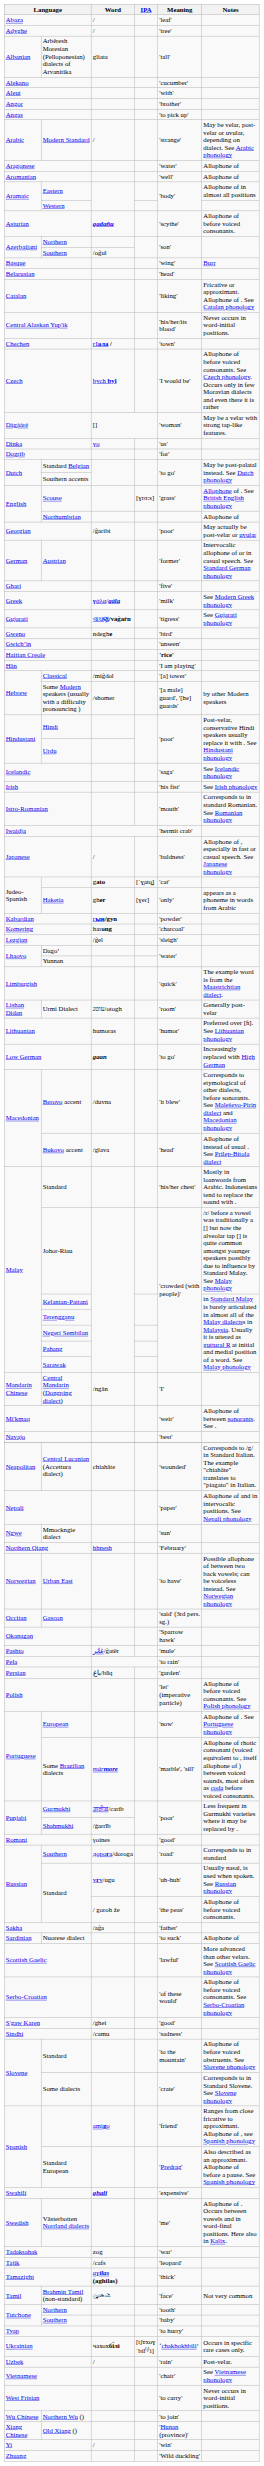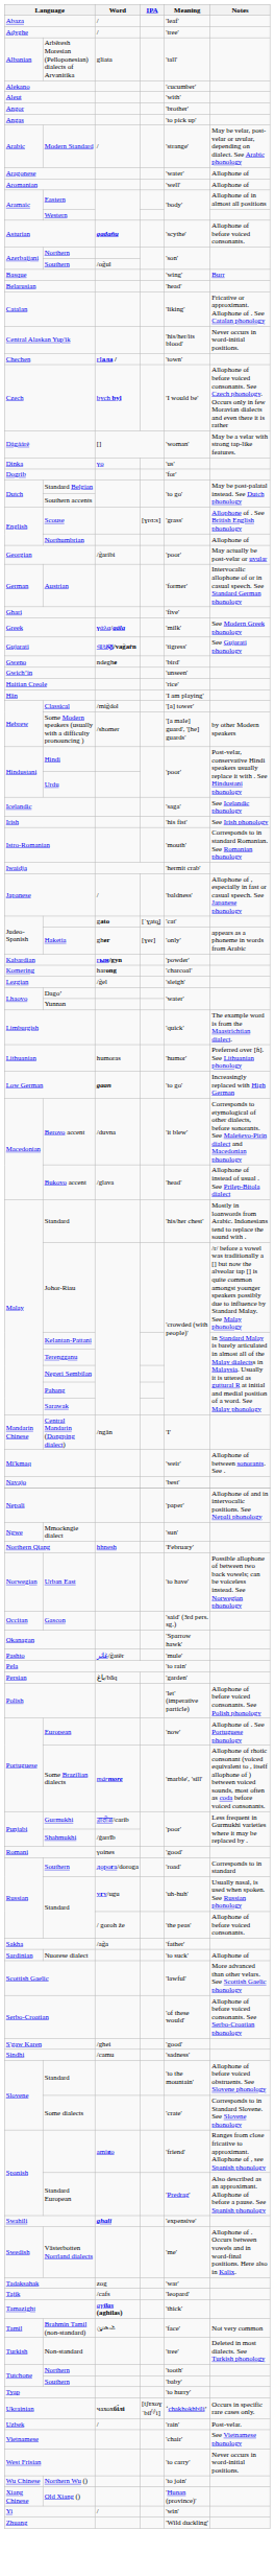 <table class="wikitable sortable">
 <tr>
 <th colspan="2">Language</th>
 <th>Word</th>
 <th><a href='#'>IPA</a></th>
 <th>Meaning</th>
 <th>Notes</th>
 </tr>
 <tr>
 <td colspan="2"><a href='#'>Abaza</a></td>
 <td>/</td>
 <td></td>
 <td>'leaf'</td>
 <td></td>
 </tr>
 <tr>
 <td colspan="2"><a href='#'>Adyghe</a></td>
 <td>/</td>
 <td></td>
 <td>'tree'</td>
 <td></td>
 </tr>
 <tr>
 <td><a href='#'>Albanian</a></td>
 <td>Arbëresh<br>Moresian (Pelloponesian) dialects of Arvanitika</td>
 <td>gliata</td>
 <td></td>
 <td>'tall'</td>
 </tr>
 <tr>
 <td colspan="2"><a href='#'>Alekano</a></td>
 <td></td>
 <td></td>
 <td>'cucumber'</td>
 <td></td>
 </tr>
 <tr>
 <td colspan="2"><a href='#'>Aleut</a></td>
 <td></td>
 <td></td>
 <td>'with'</td>
 <td></td>
 </tr>
 <tr>
 <td colspan="2"><a href='#'>Angor</a></td>
 <td></td>
 <td></td>
 <td>'brother'</td>
 <td></td>
 </tr>
 <tr>
 <td colspan="2"><a href='#'>Angas</a></td>
 <td></td>
 <td></td>
 <td>'to pick up'</td>
 <td></td>
 </tr>
 <tr>
 <td><a href='#'>Arabic</a></td>
 <td><a href='#'>Modern Standard</a></td>
 <td>/</td>
 <td></td>
 <td>'strange'</td>
 <td>May be velar, post-velar or uvular, depending on dialect. See <a href='#'>Arabic phonology</a></td>
 </tr>
 <tr>
 <td colspan="2"><a href='#'>Aragonese</a></td>
 <td></td>
 <td></td>
 <td>'water'</td>
 <td>Allophone of </td>
 </tr>
 <tr>
 <td colspan="2"><a href='#'>Aromanian</a></td>
 <td></td>
 <td></td>
 <td>'well'</td>
 <td>Allophone of </td>
 </tr>
 <tr>
 <td rowspan="2"><a href='#'>Aramaic</a></td>
 <td><a href='#'>Eastern</a></td>
 <td rowspan="2"> </td>
 <td></td>
 <td rowspan="2">'body'</td>
 <td>Allophone of  in almost all positions</td>
 </tr>
 <tr>
 <td><a href='#'>Western</a></td>
 <td></td>
 <td></td>
 </tr>
 <tr>
 <td colspan="2"><a href='#'>Asturian</a></td>
 <td><a href='#'><strong><em>g<strong>adañu<em></a></td>
 <td></td>
 <td>'scythe'</td>
 <td>Allophone of  before voiced consonants.</td>
 </tr>
 <tr>
 <td rowspan="2"><a href='#'>Azerbaijani</a></td>
 <td><a href='#'>Northern</a></td>
 <td></td>
 <td rowspan="2"></td>
 <td rowspan="2">'son'</td>
 <td rowspan="2"></td>
 </tr>
 <tr>
 <td><a href='#'>Southern</a></td>
 <td>/oğul</td>
 </tr>
 <tr>
 <td colspan="2"><a href='#'>Basque</a></td>
 <td></td>
 <td></td>
 <td>'wing'</td>
 <td><a href='#'>Burr</a></td>
 </tr>
 <tr>
 <td colspan="2"><a href='#'>Belarusian</a></td>
 <td></td>
 <td></td>
 <td>'head'</td>
 <td></td>
 </tr>
 <tr>
 <td colspan="2"><a href='#'>Catalan</a></td>
 <td></td>
 <td></td>
 <td>'liking'</td>
 <td>Fricative or approximant. Allophone of . See <a href='#'>Catalan phonology</a></td>
 </tr>
 <tr>
 <td colspan="2"><a href='#'>Central Alaskan Yup'ik</a></td>
 <td></td>
 <td></td>
 <td>'his/her/its blood'</td>
 <td>Never occurs in word-initial positions.</td>
 </tr>
 <tr>
 <td colspan="2"><a href='#'>Chechen</a></td>
 <td><a href='#'></strong>гӀ<strong>ала</a> / </td>
 <td></td>
 <td>'town'</td>
 <td></td>
 </tr>
 <tr>
 <td colspan="2"><a href='#'>Czech</a></td>
 <td><a href='#'></em>by</strong>ch<strong> byl<em></a></td>
 <td></td>
 <td>'I would be'</td>
 <td>Allophone of  before voiced consonants. See <a href='#'>Czech phonology</a>. Occurs only in few Moravian dialects and even there it is rather </td>
 </tr>
 <tr>
 <td colspan="2"><a href='#'>Dàgáárè</a></td>
 <td colspan="2">[]</td>
 <td>'woman'</td>
 <td>May be a velar with strong tap-like features.</td>
 </tr>
 <tr>
 <td colspan="2"><a href='#'>Dinka</a></td>
 <td><a href='#'></em></strong>ɣ</strong>o</em></a></td>
 <td></td>
 <td>'us'</td>
 <td></td>
 </tr>
 <tr>
 <td colspan="2"><a href='#'>Dogrib</a></td>
 <td></td>
 <td></td>
 <td>'for'</td>
 <td></td>
 </tr>
 <tr>
 <td rowspan="2"><a href='#'>Dutch</a></td>
 <td>Standard <a href='#'>Belgian</a></td>
 <td rowspan="2"></td>
 <td rowspan="2"></td>
 <td rowspan="2">'to go'</td>
 <td rowspan="2">May be post-palatal  instead. See <a href='#'>Dutch phonology</a></td>
 </tr>
 <tr>
 <td>Southern accents</td>
 </tr>
 <tr>
 <td rowspan="2"><a href='#'>English</a></td>
 <td><a href='#'>Scouse</a></td>
 <td></td>
 <td>[ɣrɑ:s]</td>
 <td>'grass'</td>
 <td><a href='#'>Allophone</a> of . See <a href='#'>British English phonology</a></td>
 </tr>
 <tr>
 <td><a href='#'>Northumbrian</a></td>
 <td></td>
 <td></td>
 <td></td>
 <td>Allophone of </td>
 </tr>
 <tr>
 <td colspan="2"><a href='#'>Georgian</a></td>
 <td>/ğaribi</td>
 <td></td>
 <td>'poor'</td>
 <td>May actually be post-velar or <a href='#'>uvular</a></td>
 </tr>
 <tr>
 <td><a href='#'>German</a></td>
 <td><a href='#'>Austrian</a></td>
 <td></td>
 <td></td>
 <td>'former'</td>
 <td>Intervocalic allophone of  or  in casual speech. See <a href='#'>Standard German phonology</a></td>
 </tr>
 <tr>
 <td colspan="2"><a href='#'>Ghari</a></td>
 <td></td>
 <td></td>
 <td>'five'</td>
 <td></td>
 </tr>
 <tr>
 <td colspan="2"><a href='#'>Greek</a></td>
 <td><a href='#'><strong>γ</strong>άλα</a>/<a href='#'><strong><em>g<strong>ála<em></a></td>
 <td></td>
 <td>'milk'</td>
 <td>See <a href='#'>Modern Greek phonology</a></td>
 </tr>
 <tr>
 <td colspan="2"><a href='#'>Gujarati</a></td>
 <td><a href='#'>વા</strong>ઘ<strong>ણ</a>/vağaŕn</td>
 <td></td>
 <td>'tigress'</td>
 <td>See <a href='#'>Gujarati phonology</a></td>
 </tr>
 <tr>
 <td colspan="2"><a href='#'>Gweno</a></td>
 <td>nde</strong>gh<strong>e</td>
 <td></td>
 <td>'bird'</td>
 <td></td>
 </tr>
 <tr>
 <td colspan="2"><a href='#'>Gwich’in</a></td>
 <td></td>
 <td></td>
 <td>'unseen'</td>
 <td></td>
 </tr>
 <tr>
 <td colspan="2"><a href='#'>Haitian Creole</a></td>
 <td></td>
 <td></td>
-<td><strong>'rice'</strong></td>
+<td>'rice'</td>
 <td></td>
 </tr>
 <tr>
 <td colspan="2"><a href='#'>Hän</a></td>
 <td></td>
 <td></td>
 <td>'I am playing'</td>
 <td></td>
 </tr>
 <tr>
 <td rowspan="2"><a href='#'>Hebrew</a></td>
 <td><a href='#'> Classical</a></td>
 <td>/miğdol</td>
 <td></td>
 <td>'[a] tower'</td>
 <td></td>
 </tr>
 <tr>
 <td>Some <a href='#'>Modern</a> speakers (usually with a difficulty pronouncing )</td>
 <td>/shome</strong>r<strong></td>
 <td></td>
 <td>'[a male] guard', '[he] guards'</td>
 <td> by other Modern speakers</td>
 </tr>
 <tr>
 <td rowspan="2"><a href='#'>Hindustani</a></td>
 <td><a href='#'>Hindi</a></td>
 <td></td>
 <td rowspan="2"></td>
 <td rowspan="2">'poor'</td>
 <td rowspan="2">Post-velar, conservative Hindi speakers usually replace it with . See <a href='#'>Hindustani phonology</a></td>
 </tr>
 <tr>
 <td><a href='#'>Urdu</a></td>
 <td></td>
 </tr>
 <tr>
 <td colspan="2"><a href='#'>Icelandic</a></td>
 <td></td>
 <td></td>
 <td>'saga'</td>
 <td>See <a href='#'>Icelandic phonology</a></td>
 </tr>
 <tr>
 <td colspan="2"><a href='#'>Irish</a></td>
 <td></td>
 <td></td>
 <td>'his fist'</td>
 <td>See <a href='#'>Irish phonology</a></td>
 </tr>
 <tr>
 <td colspan="2"><a href='#'>Istro-Romanian</a></td>
 <td></td>
 <td></td>
 <td>'mouth'</td>
 <td>Corresponds to  in standard Romanian. See <a href='#'>Romanian phonology</a></td>
 </tr>
 <tr>
 <td colspan="2"><a href='#'>Iwaidja</a></td>
 <td colspan="2"></td>
 <td>'hermit crab'</td>
 <td></td>
 </tr>
 <tr>
 <td colspan="2"><a href='#'>Japanese</a></td>
 <td>/</td>
 <td></td>
 <td>'baldness'</td>
 <td>Allophone of , especially in fast or casual speech. See <a href='#'>Japanese phonology</a></td>
 </tr>
 <tr>
 <td rowspan="2">Judeo-Spanish</td>
 <td></td>
 <td></strong>g<strong>ato</td>
 <td>[ˈɣ̞ato̪]</td>
 <td>'cat'</td>
 <td></td>
 </tr>
 <tr>
 <td><a href='#'>Haketia</a></td>
 <td></strong>gh<strong>er</td>
 <td>[ɣeɾ]</td>
 <td>'only'</td>
 <td>appears as a phoneme in words from Arabic</em></td>
 </tr>
 <tr>
 <td colspan="2"><a href='#'>Kabardian</a></td>
 <td><a href='#'></strong>г<strong>ын</a>/gyn</td>
 <td></td>
 <td>'powder'</td>
 <td></td>
 </tr>
 <tr>
 <td colspan="2"><a href='#'>Komering</a></td>
 <td>ha</strong>r<strong>ong</td>
 <td></td>
 <td>'charcoal'</td>
 <td></td>
 </tr>
 <tr>
 <td colspan="2"><a href='#'>Lezgian</a></td>
 <td>/ğel</td>
 <td></td>
 <td>'sleigh'</td>
 <td></td>
 </tr>
 <tr>
 <td rowspan="2"><a href='#'>Lhaovo</a></td>
 <td>Dago’</td>
 <td></td>
 <td></td>
 <td rowspan="2">'water'</td>
 <td rowspan="2"></td>
 </tr>
 <tr>
 <td>Yunnan</td>
 <td></td>
 <td></td>
 </tr>
 <tr>
 <td colspan="2"><a href='#'>Limburgish</a></td>
 <td></td>
 <td></td>
 <td>'quick'</td>
 <td>The example word is from the <a href='#'>Maastrichtian dialect</a>.</td>
 </tr>
 <tr>
-<td><a href='#'>Lishan Didan</a></td>
-<td>Urmi Dialect</td>
-<td>עוטג/otogh</td>
-<td></td>
-<td>'room'</td>
-<td>Generally post-velar</td>
-</tr>
-<tr>
 <td colspan="2"><a href='#'>Lithuanian</a></td>
 <td></em></strong>h</strong>umoras<em></td>
 <td></td>
 <td>'humor'</td>
 <td>Preferred over [ɦ]. See <a href='#'>Lithuanian phonology</a></td>
 </tr>
 <tr>
 <td colspan="2"><a href='#'>Low German</a></td>
 <td><strong><em>g<strong>aan</em></td>
 <td></td>
 <td>'to go'</td>
 <td>Increasingly replaced with <a href='#'>High German</a> </td>
 </tr>
 <tr>
 <td rowspan="2"><a href='#'>Macedonian</a></td>
 <td><a href='#'>Berovo</a> accent</td>
 <td>/duvna</td>
 <td></td>
 <td>'it blew'</td>
 <td>Corresponds to etymological  of other dialects, before sonorants. See <a href='#'>Maleševo-Pirin dialect</a> and <a href='#'>Macedonian phonology</a></td>
 </tr>
 <tr>
 <td><a href='#'>Bukovo</a> accent</td>
 <td>/glava</td>
 <td></td>
 <td>'head'</td>
 <td>Allophone of  instead of usual . See <a href='#'>Prilep-Bitola dialect</a></td>
 </tr>
 <tr>
 <td rowspan="7"><a href='#'>Malay</a></td>
 <td>Standard</td>
 <td></td>
 <td></td>
 <td>'his/her chest'</td>
 <td>Mostly in loanwords from Arabic. Indonesians tend to replace the sound with .</td>
 </tr>
 <tr>
 <td>Johor-Riau</td>
 <td rowspan="6"></td>
 <td></td>
 <td rowspan="6">'crowded (with people)'</td>
 <td>/r/ before a vowel was traditionally a [] but now the alveolar tap [] is quite common amongst younger speakers possibly due to influence by Standard Malay. See <a href='#'>Malay phonology</a></td>
 </tr>
 <tr>
 <td><a href='#'>Kelantan-Pattani</a></td>
 <td rowspan="2"></td>
 <td rowspan="5"> in <a href='#'>Standard Malay</a> is barely articulated in almost all of the <a href='#'>Malay dialects</a>s in <a href='#'>Malaysia</a>. Usually it is uttered as <a href='#'>guttural R</a> at initial and medial position of a word. See <a href='#'>Malay phonology</a></td>
 </tr>
 <tr>
 <td><a href='#'>Terengganu</a></td>
 </tr>
 <tr>
 <td><a href='#'>Negeri Sembilan</a></td>
 <td></td>
 </tr>
 <tr>
 <td><a href='#'>Pahang</a></td>
 <td></td>
 </tr>
 <tr>
 <td><a href='#'>Sarawak</a></td>
 <td></td>
 </tr>
 <tr>
 <td><a href='#'>Mandarin Chinese</a></td>
 <td><a href='#'>Central Mandarin</a> (<a href='#'>Dongping dialect</a>)</td>
 <td>/ngǎn</td>
 <td></td>
 <td>'I'</td>
 <td></td>
 </tr>
 <tr>
 <td colspan="2"><a href='#'>Mi'kmaq</a></td>
 <td></td>
 <td></td>
 <td>'weir'</td>
 <td>Allophone of  between <a href='#'>sonorants</a>. See .</td>
 </tr>
 <tr>
 <td colspan="2"><a href='#'>Navajo</a></td>
 <td></td>
 <td></td>
 <td>'best'</td>
 <td></td>
 </tr>
 <tr>
-</tr>
-<tr>
-<td><a href='#'>Neapolitan</a></td>
-<td><a href='#'>Central Lucanian</a> (Accettura dialect)</td>
-<td>chiahäte</td>
-<td></td>
-<td>'wounded'</td>
-<td>Corresponds to /g/ in Standard Italian. The example "chiahäte" translates to "piagato" in Italian.</td>
 </tr>
 <tr>
 <td colspan="2"><a href='#'>Nepali</a></td>
 <td></td>
 <td></td>
 <td>'paper'</td>
 <td>Allophone of  and  in intervocalic positions. See <a href='#'>Nepali phonology</a></td>
 </tr>
 <tr>
 <td><a href='#'>Ngwe</a></td>
 <td>Mmockngie dialect</td>
 <td></td>
 <td></td>
 <td>'sun'</td>
 <td></td>
 </tr>
 <tr>
 <td colspan="2"><a href='#'>Northern Qiang</a></td>
 <td><a href='#'>hhnesh</a></td>
 <td></td>
 <td>'February'</td>
 <td></td>
 </tr>
 <tr>
 <td><a href='#'>Norwegian</a></td>
 <td><a href='#'>Urban East</a></td>
 <td></td>
 <td></td>
 <td>'to have'</td>
 <td>Possible allophone of  between two back vowels; can be voiceless  instead. See <a href='#'>Norwegian phonology</a></td>
 </tr>
 <tr>
 <td><a href='#'>Occitan</a></td>
 <td><a href='#'>Gascon</a></td>
 <td></td>
 <td></td>
 <td>'said' (3rd pers. sg.)</td>
 <td></td>
 </tr>
 <tr>
 <td colspan="2"><a href='#'>Okanagan</a></td>
 <td></td>
 <td></td>
 <td>'Sparrow hawk'</td>
 <td></td>
 </tr>
 <tr>
 <td colspan="2"><a href='#'>Pashto</a></td>
 <td><a href='#'>غاتر</a>/ğatër</td>
 <td></td>
 <td>'mule'</td>
 <td></td>
 </tr>
 <tr>
 <td colspan="2"><a href='#'>Pela</a></td>
 <td colspan="2"></td>
 <td>'to rain'</td>
 <td></td>
 </tr>
 <tr>
 <td colspan="2"><a href='#'>Persian</a></td>
 <td>باغ/bāq</td>
 <td></td>
 <td>'garden'</td>
 <td></td>
 </tr>
 <tr>
 <td colspan="2"><a href='#'>Polish</a></td>
 <td></td>
 <td></td>
 <td>'let' (imperative particle)</td>
 <td>Allophone of  before voiced consonants. See <a href='#'>Polish phonology</a></td>
 </tr>
 <tr>
 <td rowspan="2"><a href='#'>Portuguese</a></td>
 <td><a href='#'>European</a></td>
 <td></td>
 <td></td>
 <td>'now'</td>
 <td>Allophone of . See <a href='#'>Portuguese phonology</a></td>
 </tr>
 <tr>
 <td>Some <a href='#'>Brazilian</a> dialects</td>
 <td><a href='#'><em>má</strong>r<strong>more</em></a></td>
 <td></td>
 <td>'marble', 'sill'</td>
 <td>Allophone of rhotic consonant (voiced equivalent to , itself allophone of ) between voiced sounds, most often as <a href='#'>coda</a> before voiced consonants.</td>
 </tr>
 <tr>
 <td rowspan="2"><a href='#'>Punjabi</a></td>
 <td><a href='#'>Gurmukhi</a></td>
 <td><a href='#'>ਗ਼ਰੀਬ</a>/</em></strong>carib<strong><em></td>
 <td rowspan="2"></td>
 <td rowspan="2">'poor'</td>
 <td rowspan="2">Less frequent in Gurmukhi varieties where it may be replaced by .</td>
 </tr>
 <tr>
 <td><a href='#'>Shahmukhi</a></td>
 <td>/</em></strong>ġarrīb<strong><em></td>
 </tr>
 <tr>
 <td colspan="2"><a href='#'>Romani</a></td>
 <td></em></strong>γ</strong>oines<em></td>
 <td></td>
 <td>'good'</td>
 <td></td>
 </tr>
 <tr>
 <td rowspan="3"><a href='#'>Russian</a></td>
 <td><a href='#'>Southern</a></td>
 <td><a href='#'>доро<strong>г</strong>а</a>/doroga</td>
 <td></td>
 <td>'road'</td>
 <td>Corresponds to  in standard</td>
 </tr>
 <tr>
 <td rowspan="2">Standard</td>
 <td><a href='#'>у<strong>г</strong>у</a>/ugu</td>
 <td></td>
 <td>'uh-huh'</td>
 <td>Usually nasal,  is used when spoken. See <a href='#'>Russian phonology</a></td>
 </tr>
 <tr>
 <td> / goroh že</td>
 <td></td>
 <td>'the peas'</td>
 <td>Allophone of  before voiced consonants.</td>
 </tr>
 <tr>
 <td colspan="2"><a href='#'>Sakha</a></td>
 <td>/ağa</td>
 <td></td>
 <td>'father'</td>
 <td></td>
 </tr>
 <tr>
 <td><a href='#'>Sardinian</a></td>
 <td>Nuorese dialect</td>
 <td></td>
 <td></td>
 <td>'to suck'</td>
 <td>Allophone of </td>
 </tr>
 <tr>
 <td colspan="2"><a href='#'>Scottish Gaelic</a></td>
 <td></td>
 <td></td>
 <td>'lawful'</td>
 <td>More advanced than other velars. See <a href='#'>Scottish Gaelic phonology</a></td>
 </tr>
 <tr>
 <td colspan="2"><a href='#'>Serbo-Croatian</a></td>
 <td></td>
 <td></td>
 <td>'of these would'</td>
 <td>Allophone of  before voiced consonants. See <a href='#'>Serbo-Croatian phonology</a></td>
 </tr>
 <tr>
 <td colspan="2"><a href='#'>S'gaw Karen</a></td>
 <td>/ghei</td>
 <td></td>
 <td>'good'</td>
 <td></td>
 </tr>
 <tr>
 <td colspan="2"><a href='#'>Sindhi</a></td>
 <td>/camu</td>
 <td></td>
 <td>'sadness'</td>
 <td></td>
 </tr>
 <tr>
 <td rowspan="2"><a href='#'>Slovene</a></td>
 <td>Standard</td>
 <td></td>
 <td></td>
 <td>'to the mountain'</td>
 <td>Allophone of  before voiced obstruents. See <a href='#'>Slovene phonology</a></td>
 </tr>
 <tr>
 <td>Some dialects</td>
 <td></td>
 <td></td>
 <td>'crate'</td>
 <td>Corresponds to  in Standard Slovene. See <a href='#'>Slovene phonology</a></td>
 </tr>
 <tr>
 <td rowspan="2"><a href='#'>Spanish</a></td>
 <td></td>
 <td><a href='#'>ami<strong>g</strong>o</a></td>
 <td></td>
 <td>'friend'</td>
 <td>Ranges from close fricative to approximant. Allophone of , see <a href='#'>Spanish phonology</a></td>
 </tr>
 <tr>
 <td>Standard European</td>
 <td></td>
 <td></td>
 <td>'<a href='#'>Predrag</a>'</td>
 <td>Also described as an approximant. Allophone of  before a pause. See <a href='#'>Spanish phonology</a></td>
 </tr>
 <tr>
 <td colspan="2"><a href='#'>Swahili</a></td>
 <td><a href='#'><strong><em>gh<strong>ali</em></a></td>
 <td></td>
 <td>'expensive'</td>
 <td></td>
 </tr>
 <tr>
 <td><a href='#'>Swedish</a></td>
 <td>Västerbotten <a href='#'>Norrland dialects</a></td>
 <td></td>
 <td></td>
 <td>'me'</td>
 <td>Allophone of . Occurs between vowels and in word-final positions. Here also  in <a href='#'>Kalix</a>.</td>
 </tr>
 <tr>
 <td colspan="2"><a href='#'>Tadaksahak</a></td>
 <td>zog</td>
 <td></td>
 <td>'war'</td>
 <td></td>
 </tr>
 <tr>
 <td colspan="2"><a href='#'>Tajik</a></td>
 <td>/cafs</td>
 <td></td>
 <td>'leopard'</td>
 <td></td>
 </tr>
 <tr>
 <td colspan="2"><a href='#'>Tamazight</a></td>
 <td><a href='#'><em>a</strong>ɣ<strong>ilas</em></a> (aghilas)</td>
 <td></td>
 <td>'thick'</td>
 <td></td>
 </tr>
 <tr>
 <td><a href='#'>Tamil</a></td>
 <td><a href='#'>Brahmin Tamil</a> (non-standard)</td>
 <td>முகம்</td>
 <td></td>
 <td>'face'</td>
 <td>Not very common</td>
 </tr>
 <tr>
+<td><a href='#'>Turkish</a></td>
+<td>Non-standard</td>
+<td></td>
+<td></td>
+<td>'tree'</td>
+<td>Deleted in most dialects. See <a href='#'>Turkish phonology</a></td>
+</tr>
+<tr>
 <td rowspan="2"><a href='#'>Tutchone</a></td>
 <td><a href='#'>Northern</a></td>
 <td></td>
 <td></td>
 <td>'tooth'</td>
 <td></td>
 </tr>
 <tr>
 <td><a href='#'>Southern</a></td>
 <td></td>
 <td></td>
 <td>'baby'</td>
 <td></td>
 </tr>
 <tr>
 <td colspan="2"><a href='#'>Tyap</a></td>
 <td></td>
 <td></td>
 <td>'to hurry'</td>
 <td></td>
 </tr>
 <tr>
 <td colspan="2"><a href='#'>Ukrainian</a></td>
 <td>чахо</strong>х<strong>бі́лі</td>
 <td>[tʃɐxoɣˈbil⁽ʲ⁾i]</td>
 <td>‘<a href='#'>chakhokhbili</a>’</td>
 <td>Occurs in specific rare cases only.</td>
 </tr>
 <tr>
 <td colspan="2"><a href='#'>Uzbek</a></td>
 <td> / </td>
 <td></td>
 <td>'rain'</td>
 <td>Post-velar.</td>
 </tr>
 <tr>
 <td colspan="2"><a href='#'>Vietnamese</a></td>
 <td></td>
 <td></td>
 <td>'chair'</td>
 <td>See <a href='#'>Vietnamese phonology</a></td>
 </tr>
 <tr>
 <td colspan="2"><a href='#'>West Frisian</a></td>
 <td></td>
 <td></td>
 <td>'to carry'</td>
 <td>Never occurs in word-initial positions.</td>
 </tr>
 <tr>
 <td><a href='#'>Wu Chinese</a></td>
 <td><a href='#'>Northern Wu</a> ()</td>
 <td></td>
 <td></td>
 <td>'to join'</td>
 <td></td>
 </tr>
 <tr>
 <td><a href='#'>Xiang Chinese</a></td>
 <td><a href='#'>Old Xiang</a> ()</td>
 <td></td>
 <td></td>
 <td>'<a href='#'>Hunan</a> (province)'</td>
 <td></td>
 </tr>
 <tr>
 <td colspan="2"><a href='#'>Yi</a></td>
 <td>/</td>
 <td></td>
 <td>'win'</td>
 <td></td>
 </tr>
 <tr>
 <td colspan="2"><a href='#'>Zhuang</a></td>
 <td></td>
 <td></td>
 <td>'Wild duckling'</td>
 <td></td>
 </tr>
 </table>
